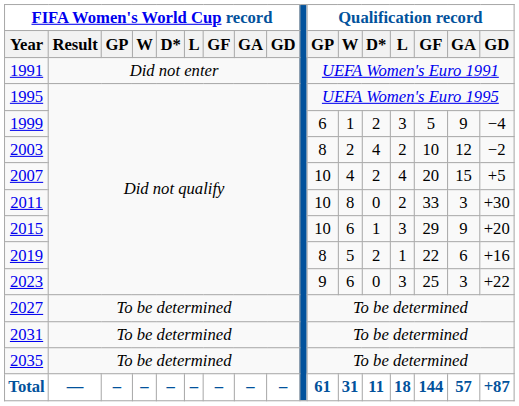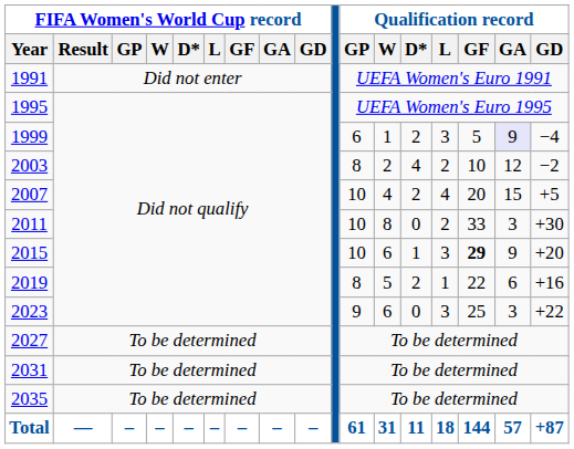 <table class="wikitable" style="text-align: center">
 <tr>
 <th style="color:#02529C; background:#FFFFFF" colspan=9><a href='#'>FIFA Women's World Cup</a> record</th>
 <td style="background:#02529C" rowspan=15></td>
 <th style="color:#02529C; background:#FFFFFF" colspan=7>Qualification record</th>
 </tr>
 <tr>
 <th>Year</th>
 <th>Result</th>
 <th>GP</th>
 <th>W</th>
 <th>D*</th>
 <th>L</th>
 <th>GF</th>
 <th>GA</th>
 <th>GD</th>
 <th>GP</th>
 <th>W</th>
 <th>D*</th>
 <th>L</th>
 <th>GF</th>
 <th>GA</th>
 <th>GD</th>
 </tr>
 <tr>
 <td> <a href='#'>1991</a></td>
 <td colspan=8><em>Did not enter</em></td>
 <td colspan=7><em><a href='#'>UEFA Women's Euro 1991</a></em></td>
 </tr>
 <tr>
 <td> <a href='#'>1995</a></td>
 <td rowspan=8 colspan=8><em>Did not qualify</em></td>
 <td colspan=7><em><a href='#'>UEFA Women's Euro 1995</a></em></td>
 </tr>
 <tr>
 <td> <a href='#'>1999</a></td>
 <td>6</td>
 <td>1</td>
 <td>2</td>
 <td>3</td>
 <td>5</td>
-<td>9</td>
+<td style="background: lavender;">9</td>
 <td>−4</td>
 </tr>
 <tr>
 <td> <a href='#'>2003</a></td>
 <td>8</td>
 <td>2</td>
 <td>4</td>
 <td>2</td>
 <td>10</td>
 <td>12</td>
 <td>−2</td>
 </tr>
 <tr>
 <td> <a href='#'>2007</a></td>
 <td>10</td>
 <td>4</td>
 <td>2</td>
 <td>4</td>
 <td>20</td>
 <td>15</td>
 <td>+5</td>
 </tr>
 <tr>
 <td> <a href='#'>2011</a></td>
 <td>10</td>
 <td>8</td>
 <td>0</td>
 <td>2</td>
 <td>33</td>
 <td>3</td>
 <td>+30</td>
 </tr>
 <tr>
 <td> <a href='#'>2015</a></td>
 <td>10</td>
 <td>6</td>
 <td>1</td>
 <td>3</td>
-<td>29</td>
+<td><strong>29</strong></td>
 <td>9</td>
 <td>+20</td>
 </tr>
 <tr>
 <td> <a href='#'>2019</a></td>
 <td>8</td>
 <td>5</td>
 <td>2</td>
 <td>1</td>
 <td>22</td>
 <td>6</td>
 <td>+16</td>
 </tr>
 <tr>
 <td>  <a href='#'>2023</a></td>
 <td>9</td>
 <td>6</td>
 <td>0</td>
 <td>3</td>
 <td>25</td>
 <td>3</td>
 <td>+22</td>
 </tr>
 <tr>
 <td> <a href='#'>2027</a></td>
 <td colspan=8><em>To be determined</em></td>
 <td colspan=7><em>To be determined</em></td>
 </tr>
 <tr>
 <td> <a href='#'>2031</a></td>
 <td colspan=8><em>To be determined</em></td>
 <td colspan=7><em>To be determined</em></td>
 </tr>
 <tr>
 <td> <a href='#'>2035</a></td>
 <td colspan=8><em>To be determined</em></td>
 <td colspan=7><em>To be determined</em></td>
 </tr>
 <tr>
 <th style="color:#02529C; background:#FFFFFF">Total</th>
 <th style="color:#02529C; background:#FFFFFF">—</th>
 <th style="color:#02529C; background:#FFFFFF">–</th>
 <th style="color:#02529C; background:#FFFFFF">–</th>
 <th style="color:#02529C; background:#FFFFFF">–</th>
 <th style="color:#02529C; background:#FFFFFF">–</th>
 <th style="color:#02529C; background:#FFFFFF">–</th>
 <th style="color:#02529C; background:#FFFFFF">–</th>
 <th style="color:#02529C; background:#FFFFFF">–</th>
 <th style="color:#02529C; background:#FFFFFF">61</th>
 <th style="color:#02529C; background:#FFFFFF">31</th>
 <th style="color:#02529C; background:#FFFFFF">11</th>
 <th style="color:#02529C; background:#FFFFFF">18</th>
 <th style="color:#02529C; background:#FFFFFF">144</th>
 <th style="color:#02529C; background:#FFFFFF">57</th>
 <th style="color:#02529C; background:#FFFFFF">+87</th>
 </tr>
 </table>
